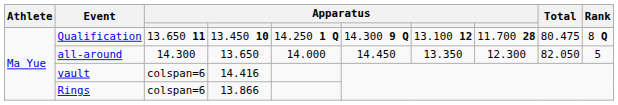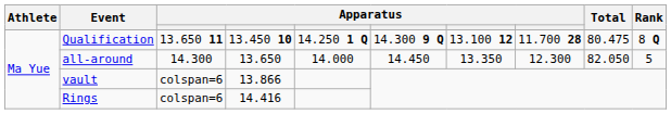 <table class="wikitable" style="font-size:90%">
 <tr>
 <th rowspan=2>Athlete</th>
 <th rowspan=2>Event</th>
 <th colspan =6>Apparatus</th>
 <th rowspan=2>Total</th>
 <th rowspan=2>Rank</th>
 </tr>
 <tr style="font-size:95%">
 <th></th>
 <th></th>
 <th></th>
 <th></th>
 <th></th>
 <th></th>
 </tr>
 <tr align=center>
 <td align=left rowspan=4><a href='#'>Ma Yue</a></td>
 <td align=left><a href='#'>Qualification</a></td>
 <td>13.650	<strong>11	</strong></td>
 <td>13.450	<strong>10</strong></td>
 <td>14.250	<strong>1 Q</strong></td>
 <td>14.300	<strong>9 Q</strong></td>
 <td>13.100	<strong>12</strong></td>
 <td>11.700	<strong>28</strong></td>
 <td>80.475</td>
 <td>8 <strong>Q</strong></td>
 </tr>
 <tr align=center>
 <td align=left><a href='#'>all-around</a></td>
 <td>14.300</td>
 <td>13.650</td>
 <td>14.000</td>
 <td>14.450</td>
 <td>13.350</td>
 <td>12.300</td>
 <td>82.050</td>
 <td>5</td>
 </tr>
 <tr align=center>
 <td align=left><a href='#'>vault</a></td>
 <td>colspan=6 </td>
-<td>14.416</td>
+<td>13.866</td>
 <td></td>
 </tr>
 <tr align=center>
 <td align=left><a href='#'>Rings</a></td>
 <td>colspan=6 </td>
-<td>13.866</td>
+<td>14.416</td>
 <td></td>
 </tr>
 </table>
